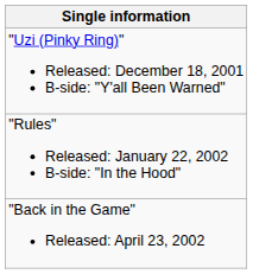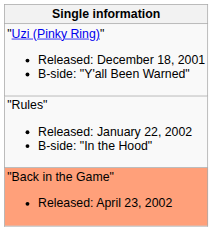 <table class="wikitable">
 <tr>
 <th>Single information</th>
 </tr>
 <tr>
 <td>"<a href='#'>Uzi (Pinky Ring)</a>"<br><ul><li>Released: December 18, 2001</li><li>B-side: "Y'all Been Warned"</li></ul></td>
 </tr>
 <tr>
 <td>"Rules"<br><ul><li>Released: January 22, 2002</li><li>B-side: "In the Hood"</li></ul></td>
 </tr>
 <tr>
-<td>"Back in the Game"<br><ul><li>Released: April 23, 2002</li></ul></td>
+<td style="background: lightsalmon;">"Back in the Game"<br><ul><li>Released: April 23, 2002</li></ul></td>
 </tr>
 </table>
